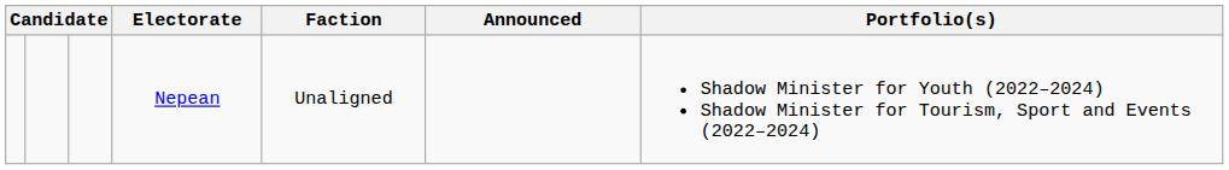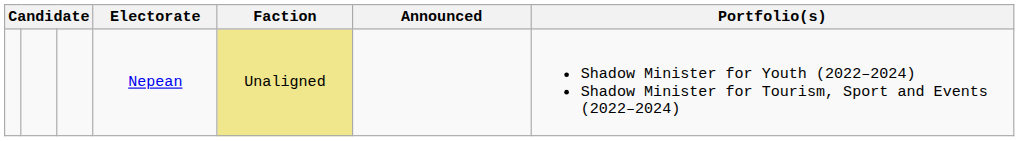 <table class="wikitable" style="text-align:center">
 <tr>
 <th width=175px; colspan=3>Candidate</th>
 <th width=115px>Electorate</th>
 <th width=135px>Faction</th>
 <th width=195px>Announced</th>
 <th width=600px>Portfolio(s)</th>
 </tr>
 <tr>
 <td width="3pt" > </td>
 <td></td>
 <td></td>
 <td><a href='#'>Nepean</a></td>
-<td>Unaligned</td>
+<td style="background: khaki;">Unaligned</td>
 <td></td>
 <td align=left><br><ul><li>Shadow Minister for Youth (2022–2024)</li><li>Shadow Minister for Tourism, Sport and Events (2022–2024)</li></ul></td>
 </tr>
 </table>
